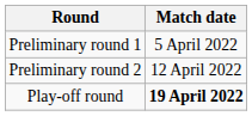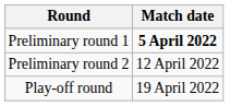 <table class="wikitable" style="text-align:center">
 <tr>
 <th>Round</th>
 <th colspan=2>Match date</th>
 </tr>
 <tr>
 <td>Preliminary round 1</td>
-<td>5 April 2022</td>
+<td><strong>5 April 2022</strong></td>
 </tr>
 <tr>
 <td>Preliminary round 2</td>
 <td>12 April 2022</td>
 </tr>
 <tr>
 <td>Play-off round</td>
-<td><strong>19 April 2022</strong></td>
+<td>19 April 2022</td>
 </tr>
 </table>
